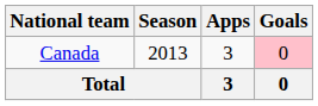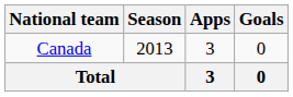 <table class="wikitable" style="text-align:center">
 <tr>
 <th>National team</th>
 <th>Season</th>
 <th>Apps</th>
 <th>Goals</th>
 </tr>
 <tr>
 <td rowspan="1"><a href='#'>Canada</a></td>
 <td>2013</td>
 <td>3</td>
-<td style="background: pink;">0</td>
+<td>0</td>
 </tr>
 <tr>
 <th colspan=2>Total</th>
 <th>3</th>
 <th>0</th>
 </tr>
 </table>
